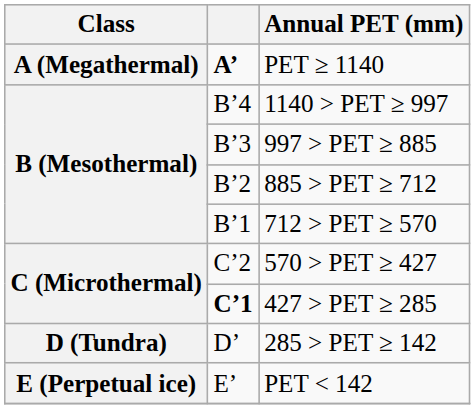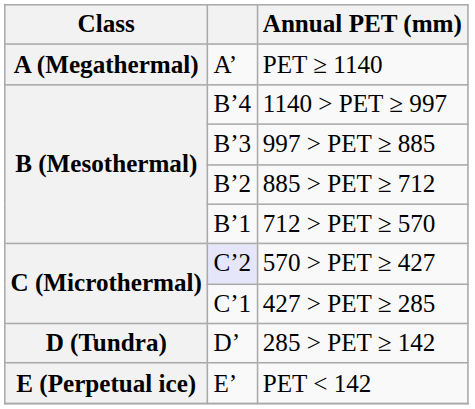 <table class="wikitable floatright">
 <tr>
 <th>Class</th>
 <th></th>
 <th>Annual PET (mm)</th>
 </tr>
 <tr>
 <th scope="row"  rowspan="1">A (Megathermal)</th>
-<td><strong>A’</strong></td>
+<td>A’</td>
 <td>PET ≥ 1140</td>
 </tr>
 <tr>
 <th scope="row"  rowspan="4">B (Mesothermal)</th>
 <td>B’4</td>
 <td>1140 > PET ≥ 997</td>
 </tr>
 <tr>
 <td>B’3</td>
 <td>997 > PET ≥ 885</td>
 </tr>
 <tr>
 <td>B’2</td>
 <td>885 > PET ≥ 712</td>
 </tr>
 <tr>
 <td>B’1</td>
 <td>712 > PET ≥ 570</td>
 </tr>
 <tr>
 <th scope="row"  rowspan="2">C (Microthermal)</th>
-<td>C’2</td>
+<td style="background: lavender;">C’2</td>
 <td>570 > PET ≥ 427</td>
 </tr>
 <tr>
-<td><strong>C’1</strong></td>
+<td>C’1</td>
 <td>427 > PET ≥ 285</td>
 </tr>
 <tr>
 <th scope="row"  rowspan="1">D (Tundra)</th>
 <td>D’</td>
 <td>285 > PET ≥ 142</td>
 </tr>
 <tr>
 <th scope="row"  rowspan="1">E (Perpetual ice)</th>
 <td>E’</td>
 <td>PET < 142</td>
 </tr>
 <tr>
 </tr>
 </table>
